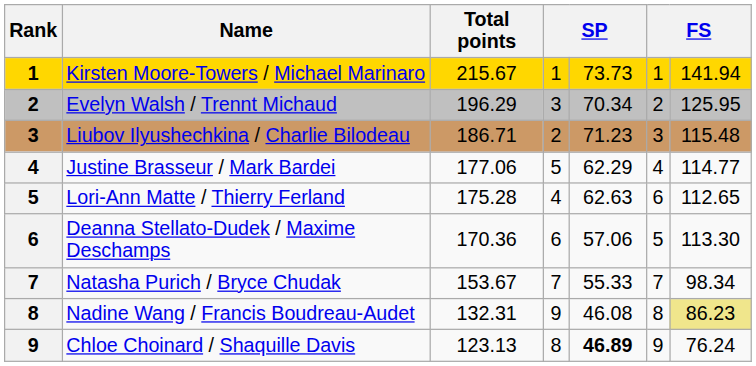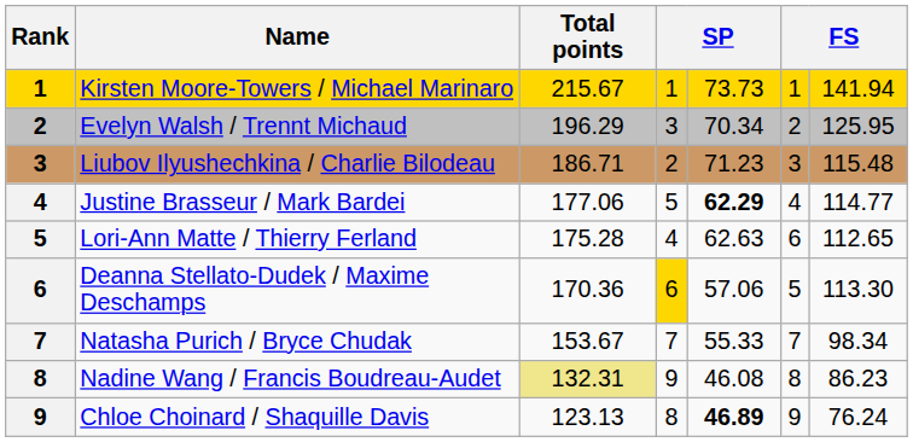 <table class="wikitable sortable">
 <tr>
 <th>Rank</th>
 <th>Name</th>
 <th>Total points</th>
 <th colspan="2" width="80px"><a href='#'>SP</a></th>
 <th colspan="2" width="80px"><a href='#'>FS</a></th>
 </tr>
 <tr bgcolor="gold">
 <td align="center"><strong>1</strong></td>
 <td><a href='#'>Kirsten Moore-Towers</a> / <a href='#'>Michael Marinaro</a></td>
 <td align="center">215.67</td>
 <td align="center">1</td>
 <td align="center">73.73</td>
 <td align="center">1</td>
 <td align="center">141.94</td>
 </tr>
 <tr bgcolor="silver">
 <td align="center"><strong>2</strong></td>
 <td><a href='#'>Evelyn Walsh</a> / <a href='#'>Trennt Michaud</a></td>
 <td align="center">196.29</td>
 <td align="center">3</td>
 <td align="center">70.34</td>
 <td align="center">2</td>
 <td align="center">125.95</td>
 </tr>
 <tr bgcolor="cc9966">
 <td align="center"><strong>3</strong></td>
 <td><a href='#'>Liubov Ilyushechkina</a> / <a href='#'>Charlie Bilodeau</a></td>
 <td align="center">186.71</td>
 <td align="center">2</td>
 <td align="center">71.23</td>
 <td align="center">3</td>
 <td align="center">115.48</td>
 </tr>
 <tr>
 <th>4</th>
 <td><a href='#'>Justine Brasseur</a> / <a href='#'>Mark Bardei</a></td>
 <td align="center">177.06</td>
 <td align="center">5</td>
-<td align="center">62.29</td>
+<td align="center"><strong>62.29</strong></td>
 <td align="center">4</td>
 <td align="center">114.77</td>
 </tr>
 <tr>
 <th>5</th>
 <td><a href='#'>Lori-Ann Matte</a> / <a href='#'>Thierry Ferland</a></td>
 <td align="center">175.28</td>
 <td align="center">4</td>
 <td align="center">62.63</td>
 <td align="center">6</td>
 <td align="center">112.65</td>
 </tr>
 <tr>
 <th>6</th>
 <td><a href='#'>Deanna Stellato-Dudek</a> / <a href='#'>Maxime Deschamps</a></td>
 <td align="center">170.36</td>
-<td align="center">6</td>
+<td align="center" style="background: gold;">6</td>
 <td align="center">57.06</td>
 <td align="center">5</td>
 <td align="center">113.30</td>
 </tr>
 <tr>
 <th>7</th>
 <td><a href='#'>Natasha Purich</a> / <a href='#'>Bryce Chudak</a></td>
 <td align="center">153.67</td>
 <td align="center">7</td>
 <td align="center">55.33</td>
 <td align="center">7</td>
 <td align="center">98.34</td>
 </tr>
 <tr>
 <th>8</th>
 <td><a href='#'>Nadine Wang</a> / <a href='#'>Francis Boudreau-Audet</a></td>
-<td align="center">132.31</td>
+<td align="center" style="background: khaki;">132.31</td>
 <td align="center">9</td>
 <td align="center">46.08</td>
 <td align="center">8</td>
-<td align="center" style="background: khaki;">86.23</td>
+<td align="center">86.23</td>
 </tr>
 <tr>
 <th>9</th>
 <td><a href='#'>Chloe Choinard</a> / <a href='#'>Shaquille Davis</a></td>
 <td align="center">123.13</td>
 <td align="center">8</td>
 <td align="center"><strong>46.89</strong></td>
 <td align="center">9</td>
 <td align="center">76.24</td>
 </tr>
 </table>
